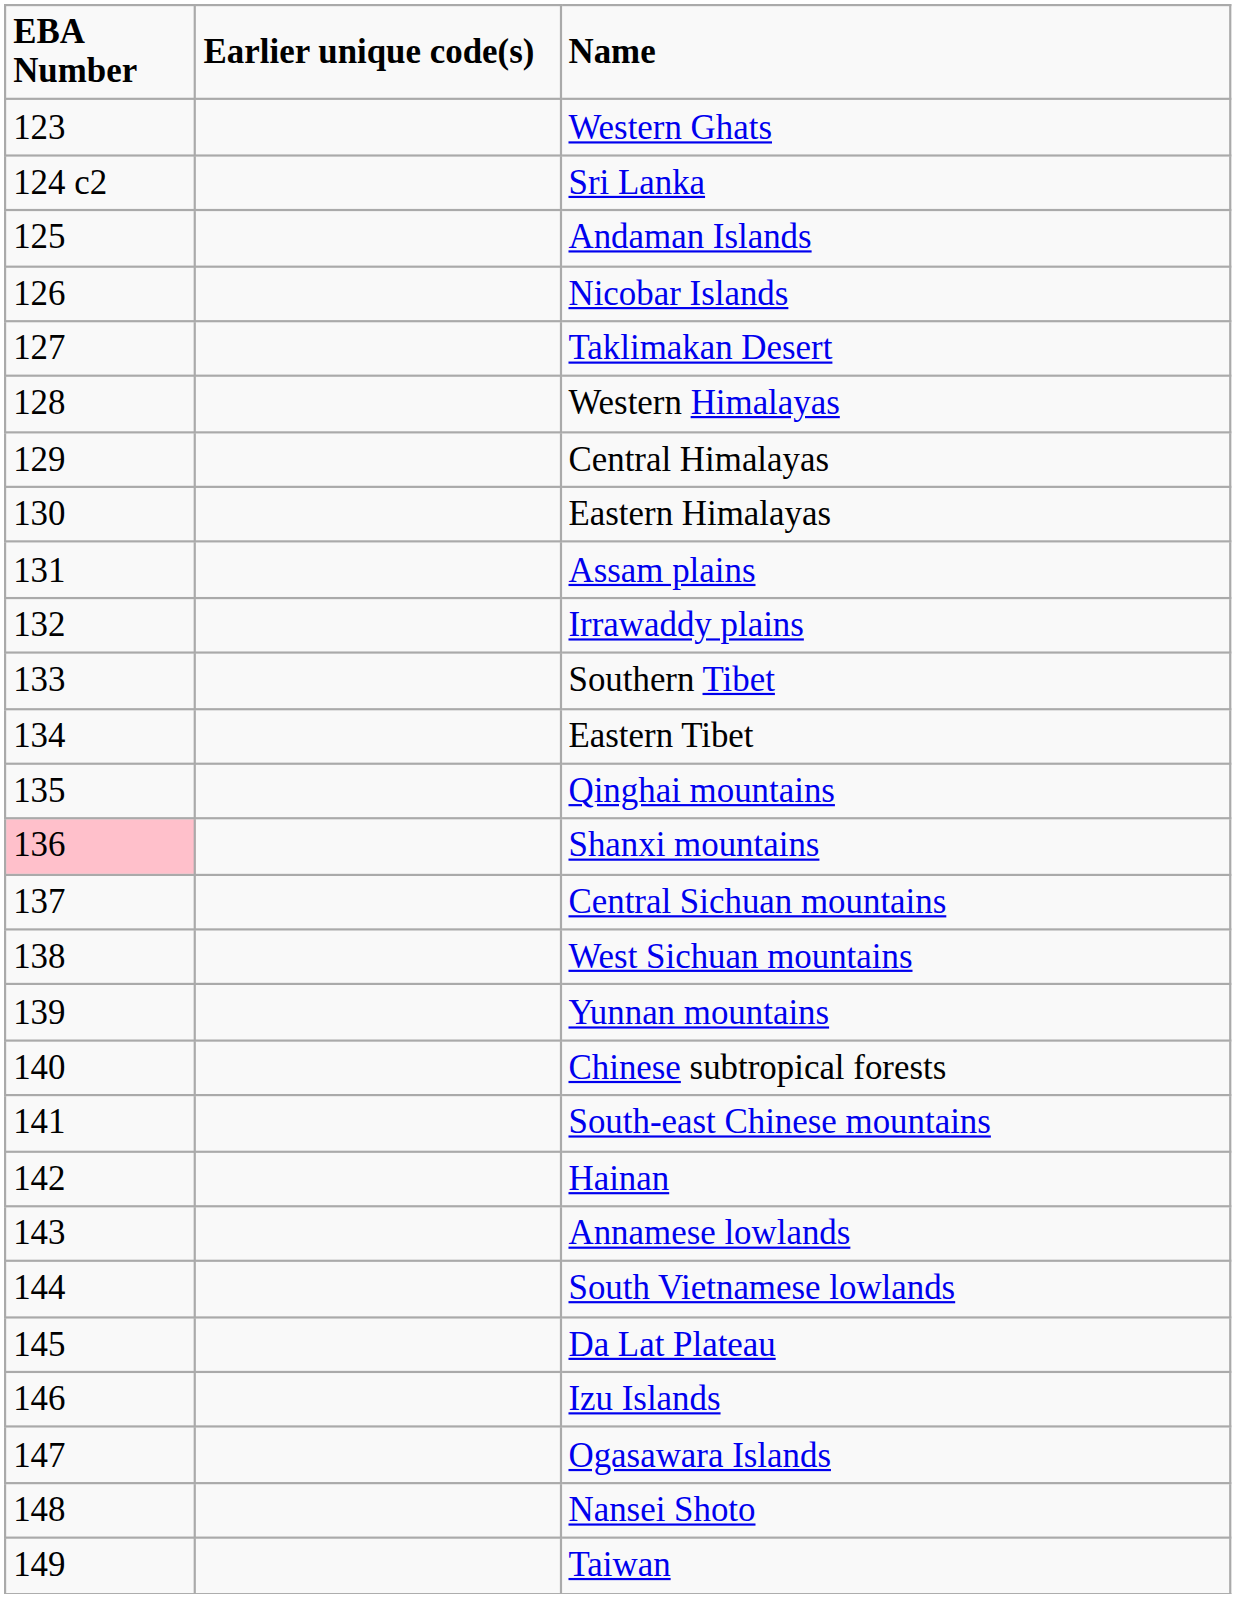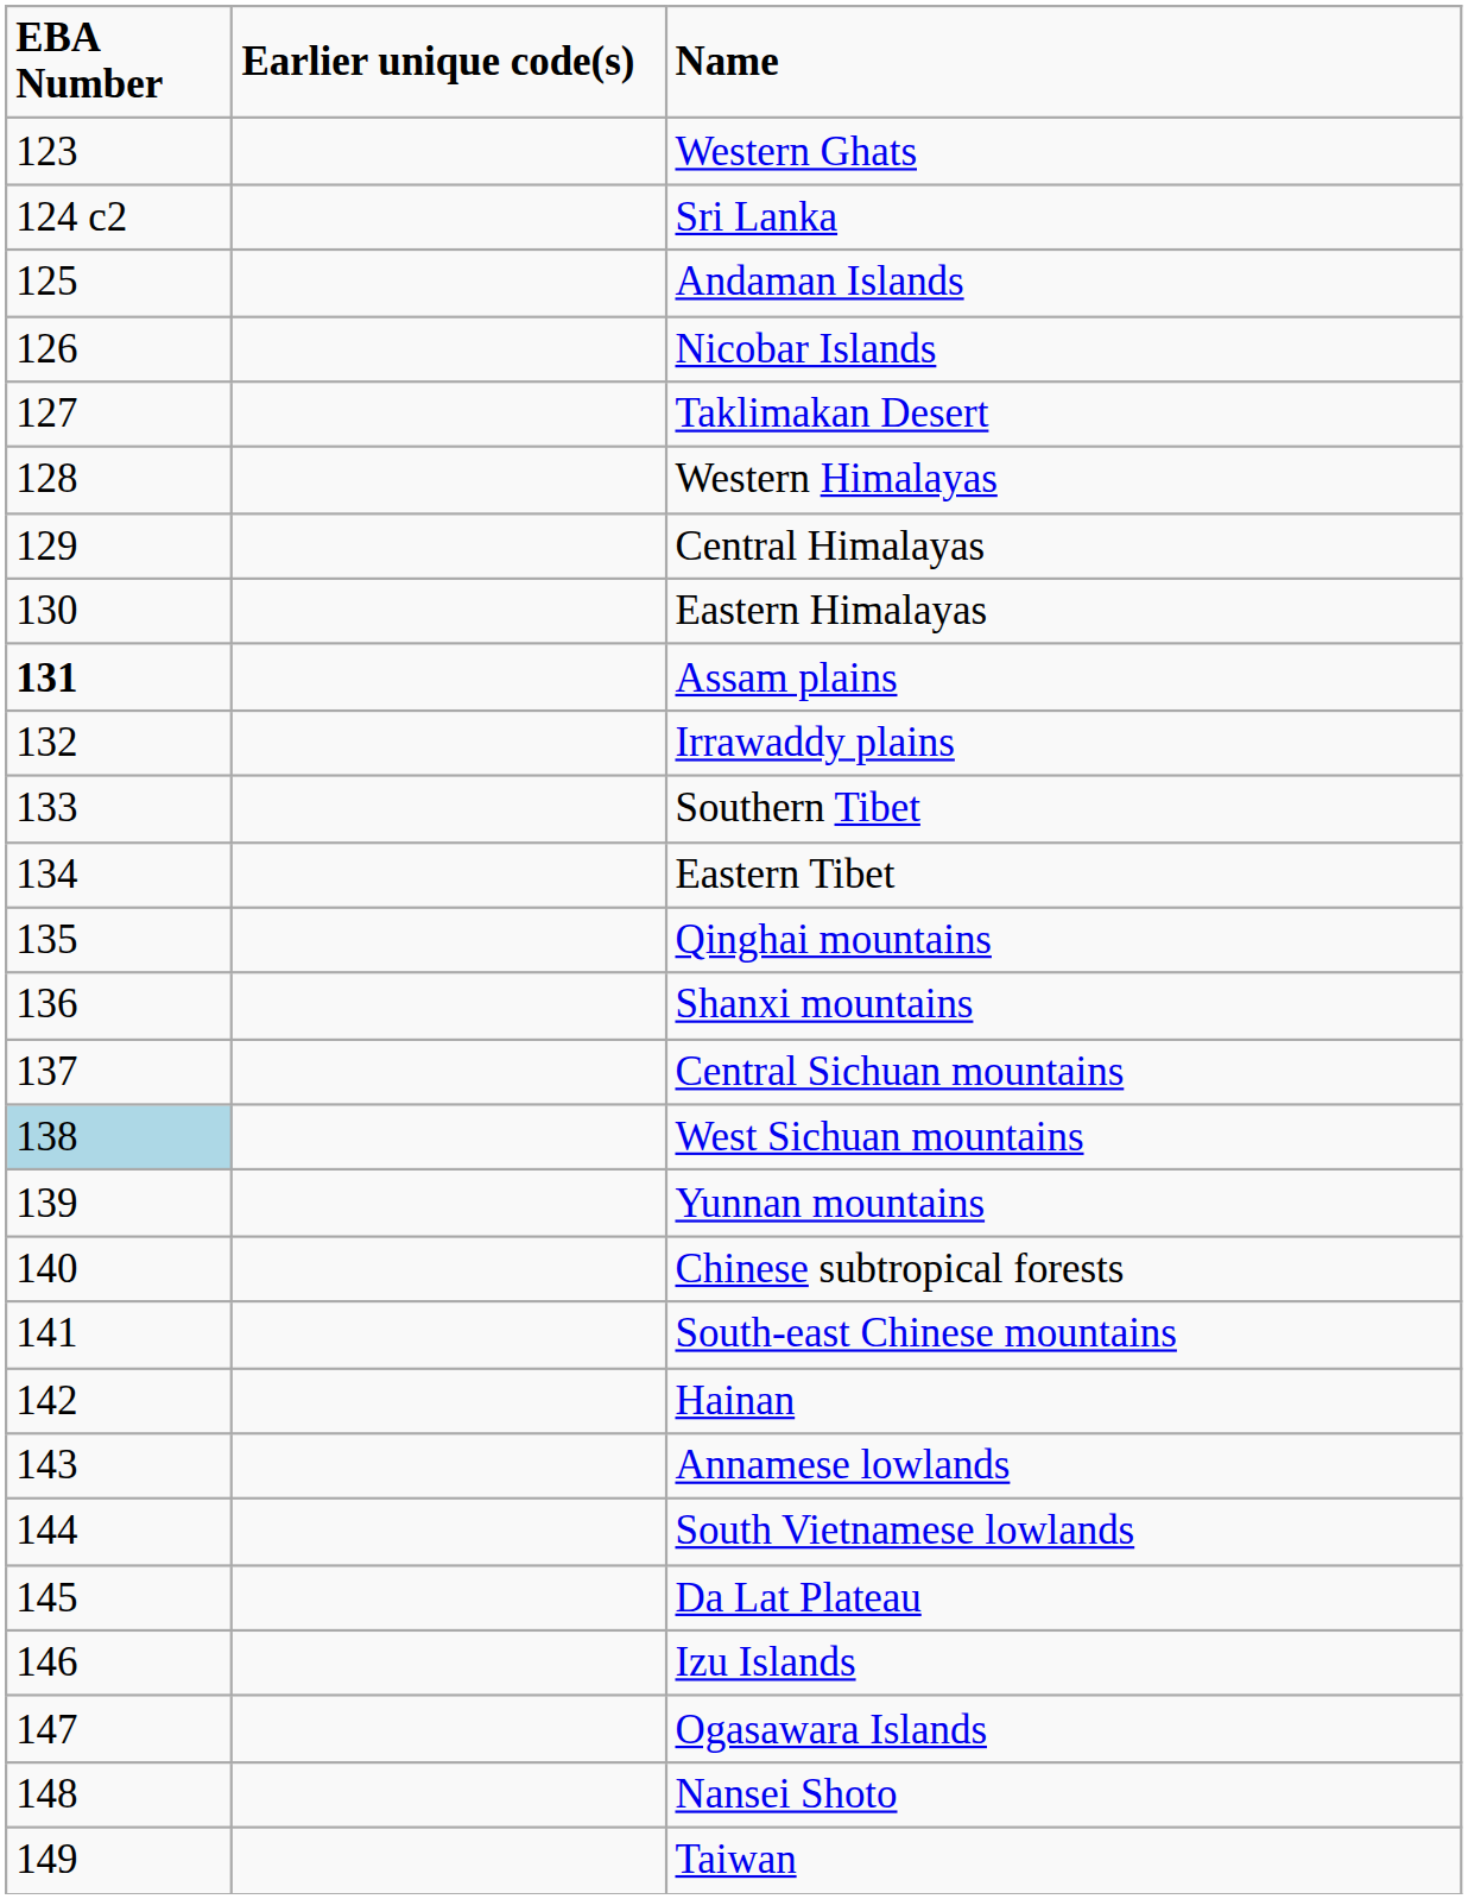 <table class="wikitable">
 <tr>
 <td style="width:80px"><strong>EBA Number</strong></td>
 <td style="width:160px"><strong>Earlier unique code(s)</strong></td>
 <td style="width:300px"><strong>Name</strong></td>
 </tr>
 <tr>
 <td>123</td>
 <td></td>
 <td><a href='#'>Western Ghats</a></td>
 </tr>
 <tr>
 <td>124 c2</td>
 <td></td>
 <td><a href='#'>Sri Lanka</a></td>
 </tr>
 <tr>
 <td>125</td>
 <td></td>
 <td><a href='#'>Andaman Islands</a></td>
 </tr>
 <tr>
 <td>126</td>
 <td></td>
 <td><a href='#'>Nicobar Islands</a></td>
 </tr>
 <tr>
 <td>127</td>
 <td></td>
 <td><a href='#'>Taklimakan Desert</a></td>
 </tr>
 <tr>
 <td>128</td>
 <td></td>
 <td>Western <a href='#'>Himalayas</a></td>
 </tr>
 <tr>
 <td>129</td>
 <td></td>
 <td>Central Himalayas</td>
 </tr>
 <tr>
 <td>130</td>
 <td></td>
 <td>Eastern Himalayas</td>
 </tr>
 <tr>
-<td>131</td>
+<td><strong>131</strong></td>
 <td></td>
 <td><a href='#'>Assam plains</a></td>
 </tr>
 <tr>
 <td>132</td>
 <td></td>
 <td><a href='#'>Irrawaddy plains</a></td>
 </tr>
 <tr>
 <td>133</td>
 <td></td>
 <td>Southern <a href='#'>Tibet</a></td>
 </tr>
 <tr>
 <td>134</td>
 <td></td>
 <td>Eastern Tibet</td>
 </tr>
 <tr>
 <td>135</td>
 <td></td>
 <td><a href='#'>Qinghai mountains</a></td>
 </tr>
 <tr>
-<td style="background: pink;">136</td>
+<td>136</td>
 <td></td>
 <td><a href='#'>Shanxi mountains</a></td>
 </tr>
 <tr>
 <td>137</td>
 <td></td>
 <td><a href='#'>Central Sichuan mountains</a></td>
 </tr>
 <tr>
-<td>138</td>
+<td style="background: lightblue;">138</td>
 <td></td>
 <td><a href='#'>West Sichuan mountains</a></td>
 </tr>
 <tr>
 <td>139</td>
 <td></td>
 <td><a href='#'>Yunnan mountains</a></td>
 </tr>
 <tr>
 <td>140</td>
 <td></td>
 <td><a href='#'>Chinese</a> subtropical forests</td>
 </tr>
 <tr>
 <td>141</td>
 <td></td>
 <td><a href='#'>South-east Chinese mountains</a></td>
 </tr>
 <tr>
 <td>142</td>
 <td></td>
 <td><a href='#'>Hainan</a></td>
 </tr>
 <tr>
 <td>143</td>
 <td></td>
 <td><a href='#'>Annamese lowlands</a></td>
 </tr>
 <tr>
 <td>144</td>
 <td></td>
 <td><a href='#'>South Vietnamese lowlands</a></td>
 </tr>
 <tr>
 <td>145</td>
 <td></td>
 <td><a href='#'>Da Lat Plateau</a></td>
 </tr>
 <tr>
 <td>146</td>
 <td></td>
 <td><a href='#'>Izu Islands</a></td>
 </tr>
 <tr>
 <td>147</td>
 <td></td>
 <td><a href='#'>Ogasawara Islands</a></td>
 </tr>
 <tr>
 <td>148</td>
 <td></td>
 <td><a href='#'>Nansei Shoto</a></td>
 </tr>
 <tr>
 <td>149</td>
 <td></td>
 <td><a href='#'>Taiwan</a></td>
 </tr>
 <tr>
 </tr>
 </table>
